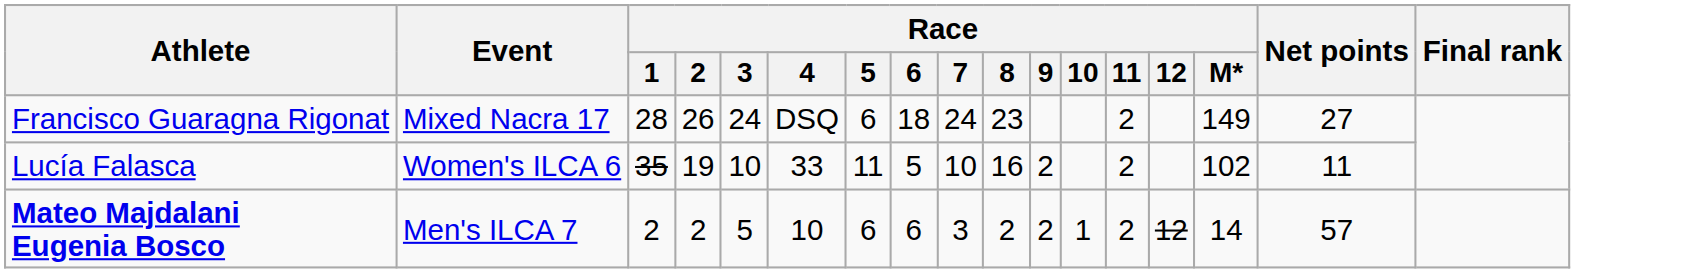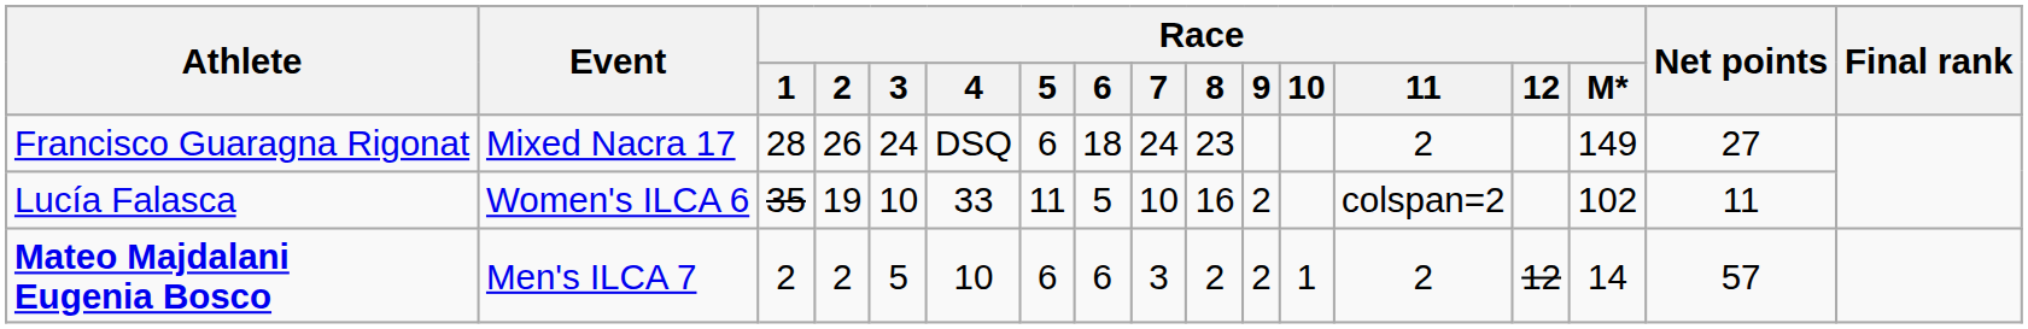 <table class="wikitable" style="font-size:90%">
 <tr>
 <th rowspan="2">Athlete</th>
 <th rowspan="2">Event</th>
 <th colspan=13>Race</th>
 <th rowspan=2>Net points</th>
 <th rowspan=2>Final rank</th>
 </tr>
 <tr style="font-size:95%">
 <th>1</th>
 <th>2</th>
 <th>3</th>
 <th>4</th>
 <th>5</th>
 <th>6</th>
 <th>7</th>
 <th>8</th>
 <th>9</th>
 <th>10</th>
 <th>11</th>
 <th>12</th>
 <th>M*</th>
 </tr>
 <tr align=center>
 <td align=left><a href='#'>Francisco Guaragna Rigonat</a></td>
 <td align=left><a href='#'>Mixed Nacra 17</a></td>
 <td>28</td>
 <td>26</td>
 <td>24</td>
 <td>DSQ</td>
 <td>6</td>
 <td>18</td>
 <td>24</td>
 <td>23</td>
 <td></td>
 <td></td>
 <td>2</td>
 <td></td>
 <td>149</td>
 <td>27</td>
 </tr>
 <tr align=center>
 <td align=left><a href='#'>Lucía Falasca</a></td>
 <td align=left><a href='#'>Women's ILCA 6</a></td>
 <td><s>35</s></td>
 <td>19</td>
 <td>10</td>
 <td>33</td>
 <td>11</td>
 <td>5</td>
 <td>10</td>
 <td>16</td>
 <td>2</td>
 <td></td>
-<td>2</td>
+<td>colspan=2 </td>
 <td></td>
 <td>102</td>
 <td>11</td>
 </tr>
 <tr align=center>
 <td align=left><strong><a href='#'>Mateo Majdalani</a><br><a href='#'>Eugenia Bosco</a></strong></td>
 <td align=left><a href='#'>Men's ILCA 7</a></td>
 <td>2</td>
 <td>2</td>
 <td>5</td>
 <td>10</td>
 <td>6</td>
 <td>6</td>
 <td>3</td>
 <td>2</td>
 <td>2</td>
 <td>1</td>
 <td>2</td>
 <td><s>12</s></td>
 <td>14</td>
 <td>57</td>
 <td></td>
 </tr>
 </table>
